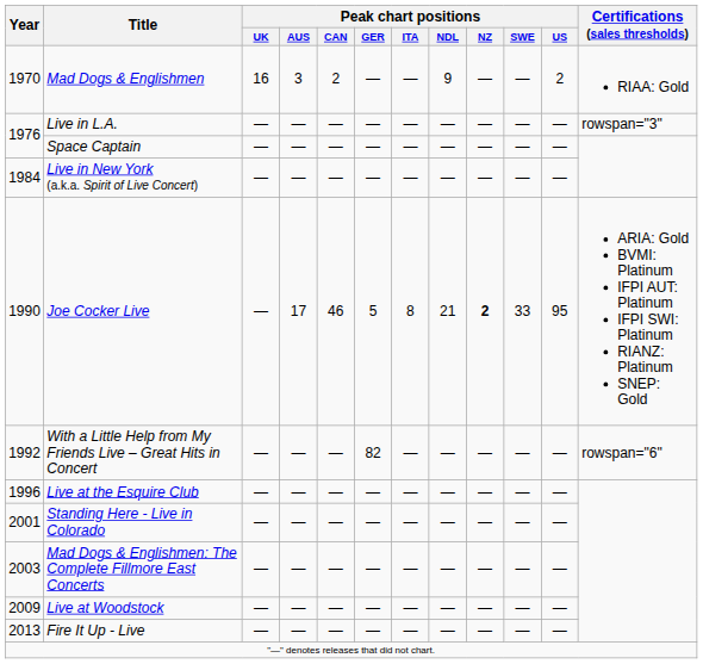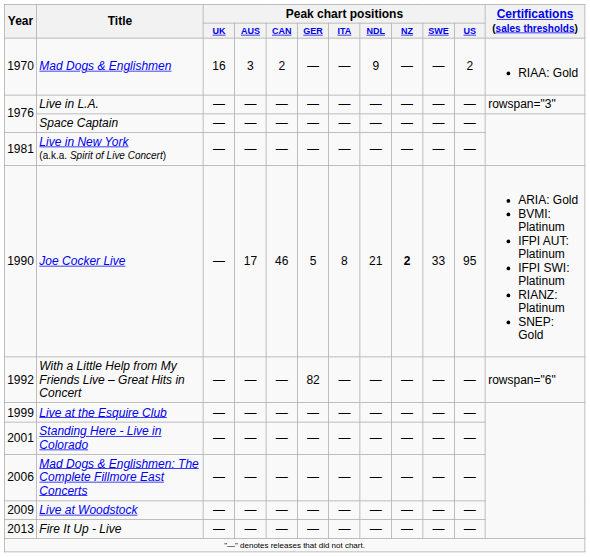 <table class="wikitable">
 <tr>
 <th rowspan="2" style="width:33px;">Year</th>
 <th rowspan="2" style="width:215px;">Title</th>
 <th colspan="9">Peak chart positions</th>
 <th rowspan="2" style="width:125px;"><a href='#'>Certifications</a><br><small>(<a href='#'>sales thresholds</a>)</small></th>
 </tr>
 <tr>
 <th style="width:3em;font-size:75%"><a href='#'>UK</a><br></th>
 <th style="width:3em;font-size:75%"><a href='#'>AUS</a><br></th>
 <th style="width:3em;font-size:75%"><a href='#'>CAN</a><br></th>
 <th style="width:3em;font-size:75%"><a href='#'>GER</a><br></th>
 <th style="width:3em;font-size:75%"><a href='#'>ITA</a><br></th>
 <th style="width:3em;font-size:75%"><a href='#'>NDL</a><br></th>
 <th style="width:3em;font-size:75%"><a href='#'>NZ</a><br></th>
 <th style="width:3em;font-size:75%"><a href='#'>SWE</a><br></th>
 <th style="width:3em;font-size:75%"><a href='#'>US</a><br></th>
 </tr>
 <tr>
 <td>1970</td>
 <td><em><a href='#'>Mad Dogs & Englishmen</a></em></td>
 <td align=center>16</td>
 <td align="center">3</td>
 <td align="center">2</td>
 <td align="center">—</td>
 <td align=center>—</td>
 <td align="center">9</td>
 <td align="center">—</td>
 <td align="center">—</td>
 <td align="center">2</td>
 <td><br><ul><li>RIAA: Gold</li></ul></td>
 </tr>
 <tr>
 <td rowspan="2">1976</td>
 <td><em>Live in L.A.</em></td>
 <td align=center>—</td>
 <td align="center">—</td>
 <td align="center">—</td>
 <td align="center">—</td>
 <td align=center>—</td>
 <td align="center">—</td>
 <td align="center">—</td>
 <td align="center">—</td>
 <td align="center">—</td>
 <td>rowspan="3" </td>
 </tr>
 <tr>
 <td><em>Space Captain</em></td>
 <td align=center>—</td>
 <td align="center">—</td>
 <td align="center">—</td>
 <td align="center">—</td>
 <td align=center>—</td>
 <td align="center">—</td>
 <td align="center">—</td>
 <td align="center">—</td>
 <td align="center">—</td>
 </tr>
 <tr>
-<td>1984</td>
+<td>1981</td>
 <td><em><a href='#'>Live in New York</a></em> <br><small>(a.k.a. <em>Spirit of Live Concert</em>)</small></td>
 <td align=center>—</td>
 <td align="center">—</td>
 <td align="center">—</td>
 <td align="center">—</td>
 <td align=center>—</td>
 <td align="center">—</td>
 <td align="center">—</td>
 <td align="center">—</td>
 <td align="center">—</td>
 </tr>
 <tr>
 <td>1990</td>
 <td><em><a href='#'>Joe Cocker Live</a></em></td>
 <td align=center>—</td>
 <td align="center">17</td>
 <td align="center">46</td>
 <td align="center">5</td>
 <td align=center>8</td>
 <td align="center">21</td>
 <td align="center"><strong>2</strong></td>
 <td align="center">33</td>
 <td align="center">95</td>
 <td><br><ul><li>ARIA: Gold</li><li>BVMI: Platinum</li><li>IFPI AUT: Platinum</li><li>IFPI SWI: Platinum</li><li>RIANZ: Platinum</li><li>SNEP: Gold</li></ul></td>
 </tr>
 <tr>
 <td>1992</td>
 <td><em>With a Little Help from My Friends Live – Great Hits in Concert</em></td>
 <td align=center>—</td>
 <td align="center">—</td>
 <td align="center">—</td>
 <td align="center">82</td>
 <td align=center>—</td>
 <td align="center">—</td>
 <td align="center">—</td>
 <td align="center">—</td>
 <td align="center">—</td>
 <td>rowspan="6" </td>
 </tr>
 <tr>
-<td>1996</td>
+<td>1999</td>
 <td><em><a href='#'>Live at the Esquire Club</a></em></td>
 <td align=center>—</td>
 <td align="center">—</td>
 <td align="center">—</td>
 <td align="center">—</td>
 <td align=center>—</td>
 <td align="center">—</td>
 <td align="center">—</td>
 <td align="center">—</td>
 <td align="center">—</td>
 </tr>
 <tr>
 <td>2001</td>
 <td><em><a href='#'>Standing Here - Live in Colorado</a></em></td>
 <td align=center>—</td>
 <td align="center">—</td>
 <td align="center">—</td>
 <td align="center">—</td>
 <td align=center>—</td>
 <td align="center">—</td>
 <td align="center">—</td>
 <td align="center">—</td>
 <td align="center">—</td>
 </tr>
 <tr>
-<td>2003</td>
+<td>2006</td>
 <td><em><a href='#'>Mad Dogs & Englishmen: The Complete Fillmore East Concerts</a></em></td>
 <td align=center>—</td>
 <td align="center">—</td>
 <td align="center">—</td>
 <td align="center">—</td>
 <td align=center>—</td>
 <td align="center">—</td>
 <td align="center">—</td>
 <td align="center">—</td>
 <td align="center">—</td>
 </tr>
 <tr>
 <td>2009</td>
 <td><em><a href='#'>Live at Woodstock</a></em></td>
 <td align=center>—</td>
 <td align="center">—</td>
 <td align="center">—</td>
 <td align="center">—</td>
 <td align=center>—</td>
 <td align="center">—</td>
 <td align="center">—</td>
 <td align="center">—</td>
 <td align="center">—</td>
 </tr>
 <tr>
 <td>2013</td>
 <td><em>Fire It Up - Live</em></td>
 <td align=center>—</td>
 <td align="center">—</td>
 <td align="center">—</td>
 <td align="center">—</td>
 <td align=center>—</td>
 <td align="center">—</td>
 <td align="center">—</td>
 <td align="center">—</td>
 <td align="center">—</td>
 </tr>
 <tr>
 <td colspan="15" style="text-align:center; font-size:8pt;">"—" denotes releases that did not chart.</td>
 </tr>
 </table>
